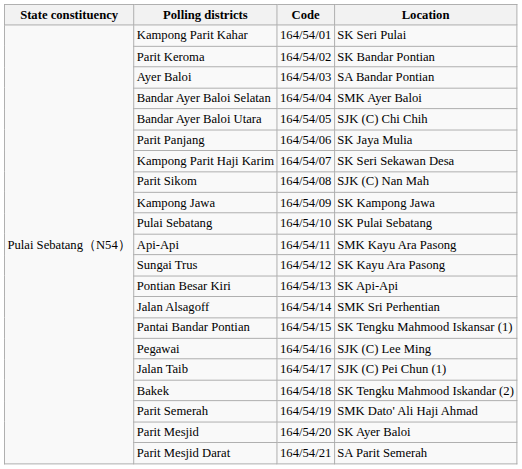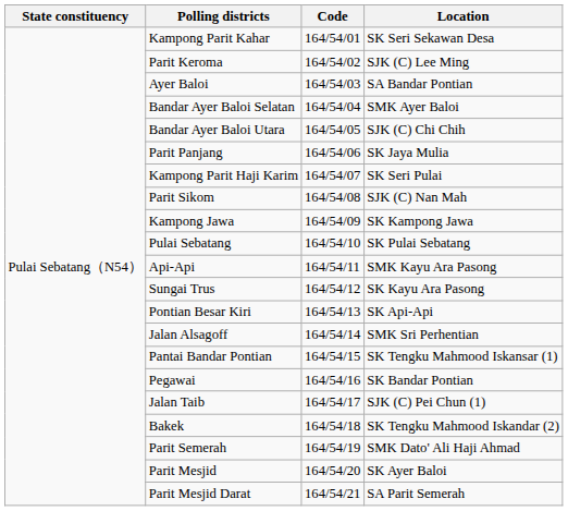 <table class="wikitable sortable mw-collapsible" style="white-space:nowrap;font-size:85%">
 <tr>
 <th>State constituency</th>
 <th>Polling districts</th>
 <th>Code</th>
 <th>Location</th>
 </tr>
 <tr>
 <td rowspan="21">Pulai Sebatang（N54）</td>
 <td>Kampong Parit Kahar</td>
 <td>164/54/01</td>
-<td>SK Seri Pulai</td>
+<td>SK Seri Sekawan Desa</td>
 </tr>
 <tr>
 <td>Parit Keroma</td>
 <td>164/54/02</td>
-<td>SK Bandar Pontian</td>
+<td>SJK (C) Lee Ming</td>
 </tr>
 <tr>
 <td>Ayer Baloi</td>
 <td>164/54/03</td>
 <td>SA Bandar Pontian</td>
 </tr>
 <tr>
 <td>Bandar Ayer Baloi Selatan</td>
 <td>164/54/04</td>
 <td>SMK Ayer Baloi</td>
 </tr>
 <tr>
 <td>Bandar Ayer Baloi Utara</td>
 <td>164/54/05</td>
 <td>SJK (C) Chi Chih</td>
 </tr>
 <tr>
 <td>Parit Panjang</td>
 <td>164/54/06</td>
 <td>SK Jaya Mulia</td>
 </tr>
 <tr>
 <td>Kampong Parit Haji Karim</td>
 <td>164/54/07</td>
-<td>SK Seri Sekawan Desa</td>
+<td>SK Seri Pulai</td>
 </tr>
 <tr>
 <td>Parit Sikom</td>
 <td>164/54/08</td>
 <td>SJK (C) Nan Mah</td>
 </tr>
 <tr>
 <td>Kampong Jawa</td>
 <td>164/54/09</td>
 <td>SK Kampong Jawa</td>
 </tr>
 <tr>
 <td>Pulai Sebatang</td>
 <td>164/54/10</td>
 <td>SK Pulai Sebatang</td>
 </tr>
 <tr>
 <td>Api-Api</td>
 <td>164/54/11</td>
 <td>SMK Kayu Ara Pasong</td>
 </tr>
 <tr>
 <td>Sungai Trus</td>
 <td>164/54/12</td>
 <td>SK Kayu Ara Pasong</td>
 </tr>
 <tr>
 <td>Pontian Besar Kiri</td>
 <td>164/54/13</td>
 <td>SK Api-Api</td>
 </tr>
 <tr>
 <td>Jalan Alsagoff</td>
 <td>164/54/14</td>
 <td>SMK Sri Perhentian</td>
 </tr>
 <tr>
 <td>Pantai Bandar Pontian</td>
 <td>164/54/15</td>
 <td>SK Tengku Mahmood Iskansar (1)</td>
 </tr>
 <tr>
 <td>Pegawai</td>
 <td>164/54/16</td>
-<td>SJK (C) Lee Ming</td>
+<td>SK Bandar Pontian</td>
 </tr>
 <tr>
 <td>Jalan Taib</td>
 <td>164/54/17</td>
 <td>SJK (C) Pei Chun (1)</td>
 </tr>
 <tr>
 <td>Bakek</td>
 <td>164/54/18</td>
 <td>SK Tengku Mahmood Iskandar (2)</td>
 </tr>
 <tr>
 <td>Parit Semerah</td>
 <td>164/54/19</td>
 <td>SMK Dato' Ali Haji Ahmad</td>
 </tr>
 <tr>
 <td>Parit Mesjid</td>
 <td>164/54/20</td>
 <td>SK Ayer Baloi</td>
 </tr>
 <tr>
 <td>Parit Mesjid Darat</td>
 <td>164/54/21</td>
 <td>SA Parit Semerah</td>
 </tr>
 </table>
